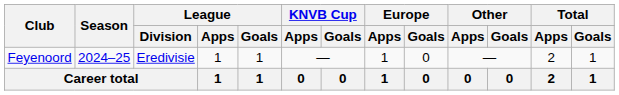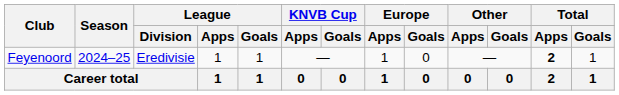 <table class="wikitable" style="text-align: center">
 <tr>
 <th rowspan="2">Club</th>
 <th rowspan="2">Season</th>
 <th colspan="3">League</th>
 <th colspan="2"><a href='#'>KNVB Cup</a></th>
 <th colspan="2">Europe</th>
 <th colspan="2">Other</th>
 <th colspan="2">Total</th>
 </tr>
 <tr>
 <th>Division</th>
 <th>Apps</th>
 <th>Goals</th>
 <th>Apps</th>
 <th>Goals</th>
 <th>Apps</th>
 <th>Goals</th>
 <th>Apps</th>
 <th>Goals</th>
 <th>Apps</th>
 <th>Goals</th>
 </tr>
 <tr>
 <td><a href='#'>Feyenoord</a></td>
 <td><a href='#'>2024–25</a></td>
 <td><a href='#'>Eredivisie</a></td>
 <td>1</td>
 <td>1</td>
 <td colspan="2">—</td>
 <td>1</td>
 <td>0</td>
 <td colspan="2">—</td>
-<td>2</td>
+<td><strong>2</strong></td>
 <td>1</td>
 </tr>
 <tr>
 <th colspan="3">Career total</th>
 <th>1</th>
 <th>1</th>
 <th>0</th>
 <th>0</th>
 <th>1</th>
 <th>0</th>
 <th>0</th>
 <th>0</th>
 <th>2</th>
 <th>1</th>
 </tr>
 </table>
